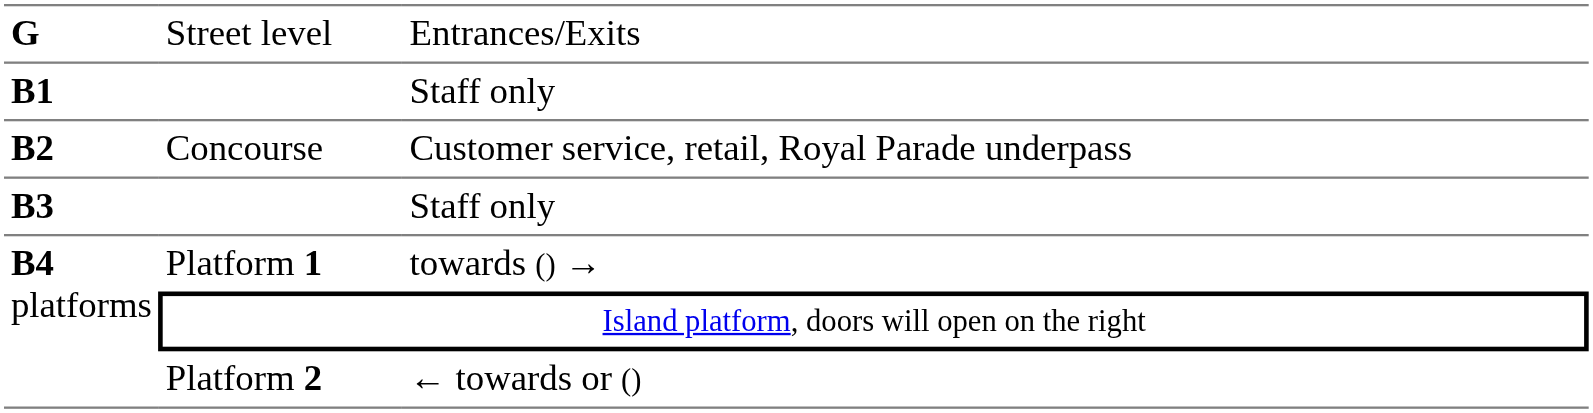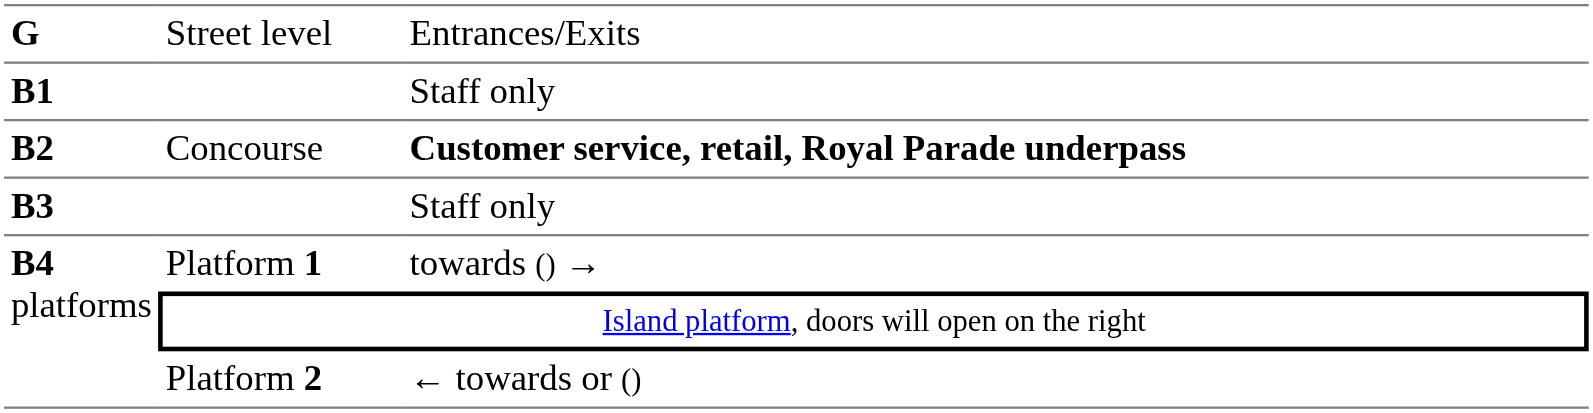 <table border=0 cellspacing=0 cellpadding=3>
 <tr>
 <td style="border-bottom:solid 1px gray;border-top:solid 1px gray;width:50px;vertical-align:top;"><strong>G</strong></td>
 <td style="border-top:solid 1px gray;border-bottom:solid 1px gray;width:100px;vertical-align:top;">Street level</td>
 <td style="border-top:solid 1px gray;border-bottom:solid 1px gray;width:510px;vertical-align:top;">Entrances/Exits</td>
 </tr>
 <tr>
 <td style="border-bottom:solid 1px gray;vertical-align:top;"><strong>B1</strong></td>
 <td style="border-bottom:solid 1px gray;vertical-align:top;"></td>
 <td style="border-bottom:solid 1px gray;vertical-align:top;">Staff only</td>
 </tr>
 <tr>
 <td style="border-bottom:solid 1px gray;vertical-align:top;"><strong>B2</strong></td>
 <td style="border-bottom:solid 1px gray;vertical-align:top;">Concourse</td>
-<td style="border-bottom:solid 1px gray;vertical-align:top;">Customer service, retail, Royal Parade underpass</td>
+<td style="border-bottom:solid 1px gray;vertical-align:top;"><strong>Customer service, retail, Royal Parade underpass</strong></td>
 </tr>
 <tr>
 <td style="border-bottom:solid 1px gray;vertical-align:top;"><strong>B3</strong></td>
 <td style="border-bottom:solid 1px gray;vertical-align:top;"></td>
 <td style="border-bottom:solid 1px gray;vertical-align:top;">Staff only</td>
 </tr>
 <tr>
 <td style="border-bottom:solid 1px gray;vertical-align:top;" rowspan=3><strong>B4</strong><br>platforms</td>
 <td>Platform <span><strong>1</strong></span></td>
 <td>  towards  <small>()</small> →</td>
 </tr>
 <tr>
 <td style="border-top:solid 2px black;border-right:solid 2px black;border-left:solid 2px black;border-bottom:solid 2px black;font-size:smaller;text-align:center;" colspan=2><a href='#'>Island platform</a>, doors will open on the right</td>
 </tr>
 <tr>
 <td style="border-bottom:solid 1px gray;">Platform <span><strong>2</strong></span></td>
 <td style="border-bottom:solid 1px gray;">←  towards  or  <small>()</small></td>
 </tr>
 </table>
